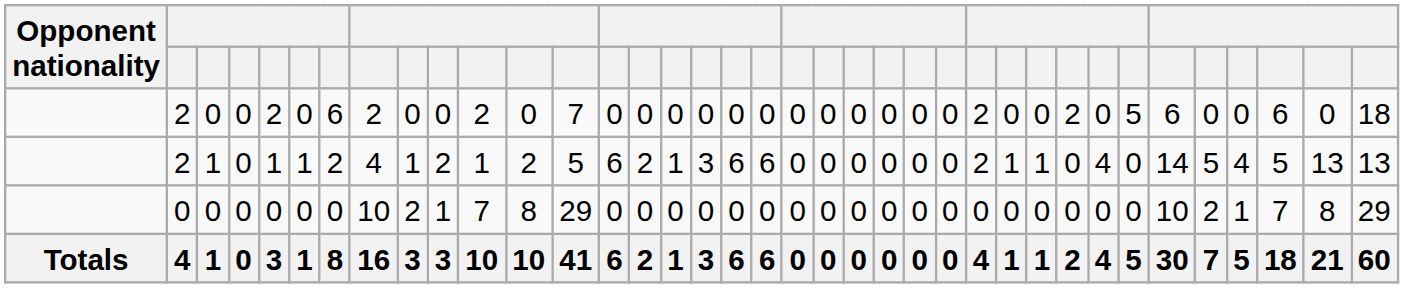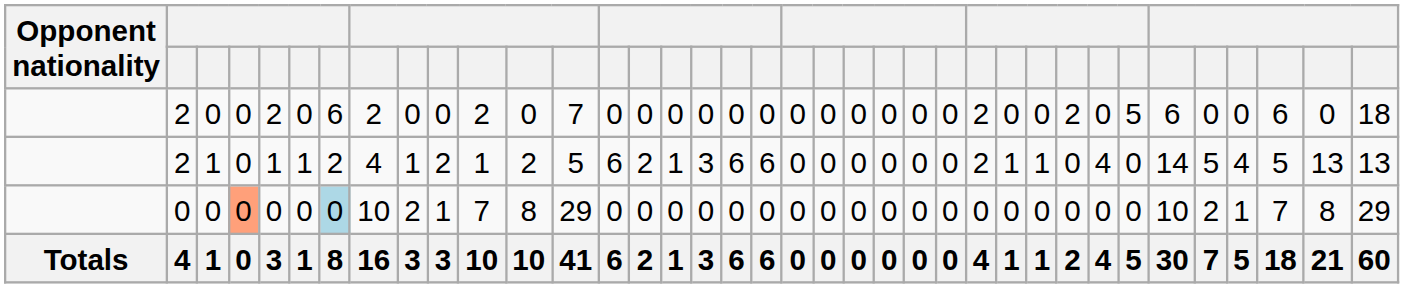 <table class="wikitable " style="text-align:center; font-size:80%">
 <tr>
 <th rowspan=2>Opponent<br>nationality</th>
 <th colspan=6></th>
 <th colspan=6></th>
 <th colspan=6></th>
 <th colspan=6></th>
 <th colspan=6></th>
 <th colspan=6></th>
 </tr>
 <tr>
 <th></th>
 <th></th>
 <th></th>
 <th></th>
 <th></th>
 <th></th>
 <th></th>
 <th></th>
 <th></th>
 <th></th>
 <th></th>
 <th></th>
 <th></th>
 <th></th>
 <th></th>
 <th></th>
 <th></th>
 <th></th>
 <th></th>
 <th></th>
 <th></th>
 <th></th>
 <th></th>
 <th></th>
 <th></th>
 <th></th>
 <th></th>
 <th></th>
 <th></th>
 <th></th>
 <th></th>
 <th></th>
 <th></th>
 <th></th>
 <th></th>
 <th></th>
 </tr>
 <tr>
 <td></td>
 <td>2</td>
 <td>0</td>
 <td>0</td>
 <td>2</td>
 <td>0</td>
 <td>6</td>
 <td>2</td>
 <td>0</td>
 <td>0</td>
 <td>2</td>
 <td>0</td>
 <td>7</td>
 <td>0</td>
 <td>0</td>
 <td>0</td>
 <td>0</td>
 <td>0</td>
 <td>0</td>
 <td>0</td>
 <td>0</td>
 <td>0</td>
 <td>0</td>
 <td>0</td>
 <td>0</td>
 <td>2</td>
 <td>0</td>
 <td>0</td>
 <td>2</td>
 <td>0</td>
 <td>5</td>
 <td>6</td>
 <td>0</td>
 <td>0</td>
 <td>6</td>
 <td>0</td>
 <td>18</td>
 </tr>
 <tr>
 <td></td>
 <td>2</td>
 <td>1</td>
 <td>0</td>
 <td>1</td>
 <td>1</td>
 <td>2</td>
 <td>4</td>
 <td>1</td>
 <td>2</td>
 <td>1</td>
 <td>2</td>
 <td>5</td>
 <td>6</td>
 <td>2</td>
 <td>1</td>
 <td>3</td>
 <td>6</td>
 <td>6</td>
 <td>0</td>
 <td>0</td>
 <td>0</td>
 <td>0</td>
 <td>0</td>
 <td>0</td>
 <td>2</td>
 <td>1</td>
 <td>1</td>
 <td>0</td>
 <td>4</td>
 <td>0</td>
 <td>14</td>
 <td>5</td>
 <td>4</td>
 <td>5</td>
 <td>13</td>
 <td>13</td>
 </tr>
 <tr>
 <td></td>
 <td>0</td>
 <td>0</td>
+<td style="background: lightsalmon;">0</td>
 <td>0</td>
 <td>0</td>
-<td>0</td>
-<td>0</td>
+<td style="background: lightblue;">0</td>
 <td>10</td>
 <td>2</td>
 <td>1</td>
 <td>7</td>
 <td>8</td>
 <td>29</td>
 <td>0</td>
 <td>0</td>
 <td>0</td>
 <td>0</td>
 <td>0</td>
 <td>0</td>
 <td>0</td>
 <td>0</td>
 <td>0</td>
 <td>0</td>
 <td>0</td>
 <td>0</td>
 <td>0</td>
 <td>0</td>
 <td>0</td>
 <td>0</td>
 <td>0</td>
 <td>0</td>
 <td>10</td>
 <td>2</td>
 <td>1</td>
 <td>7</td>
 <td>8</td>
 <td>29</td>
 </tr>
 <tr>
 <th>Totals</th>
 <th>4</th>
 <th>1</th>
 <th>0</th>
 <th>3</th>
 <th>1</th>
 <th>8</th>
 <th>16</th>
 <th>3</th>
 <th>3</th>
 <th>10</th>
 <th>10</th>
 <th>41</th>
 <th>6</th>
 <th>2</th>
 <th>1</th>
 <th>3</th>
 <th>6</th>
 <th>6</th>
 <th>0</th>
 <th>0</th>
 <th>0</th>
 <th>0</th>
 <th>0</th>
 <th>0</th>
 <th>4</th>
 <th>1</th>
 <th>1</th>
 <th>2</th>
 <th>4</th>
 <th>5</th>
 <th>30</th>
 <th>7</th>
 <th>5</th>
 <th>18</th>
 <th>21</th>
 <th>60</th>
 </tr>
 </table>
